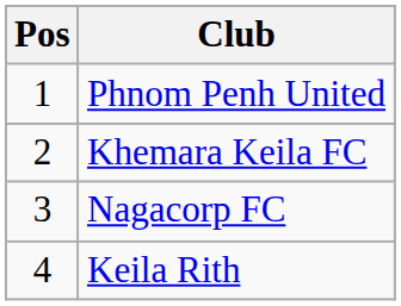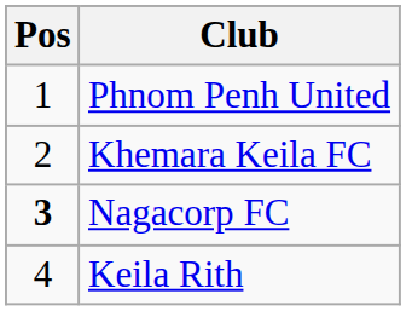 <table class="wikitable" style="text-align: center;">
 <tr>
 <th>Pos</th>
 <th>Club</th>
 </tr>
 <tr>
 <td>1</td>
 <td align=left><a href='#'>Phnom Penh United</a></td>
 </tr>
 <tr>
 <td>2</td>
 <td align=left><a href='#'>Khemara Keila FC</a></td>
 </tr>
 <tr>
-<td>3</td>
+<td><strong>3</strong></td>
 <td align=left><a href='#'>Nagacorp FC</a></td>
 </tr>
 <tr>
 <td>4</td>
 <td align=left><a href='#'>Keila Rith</a></td>
 </tr>
 </table>
